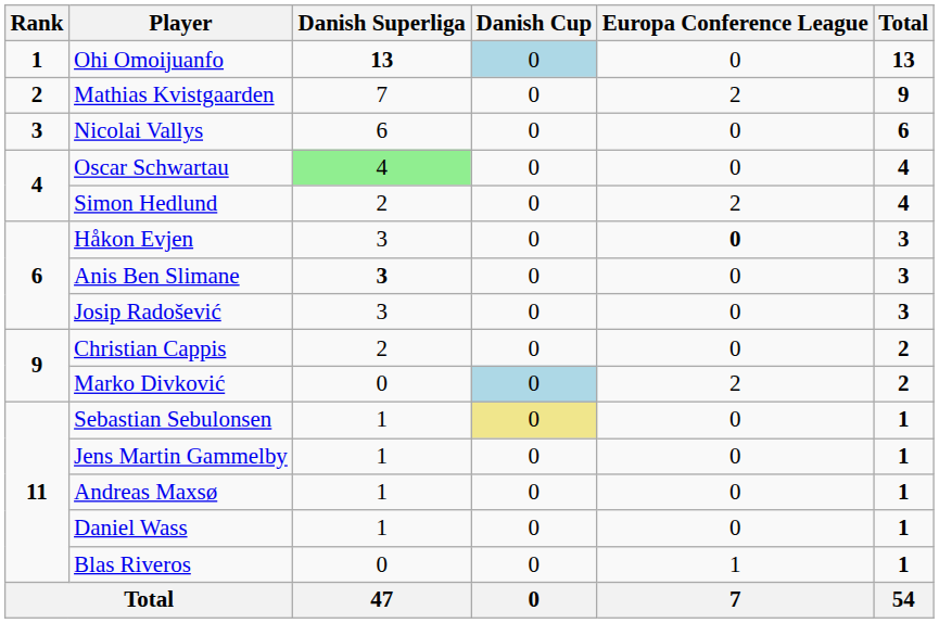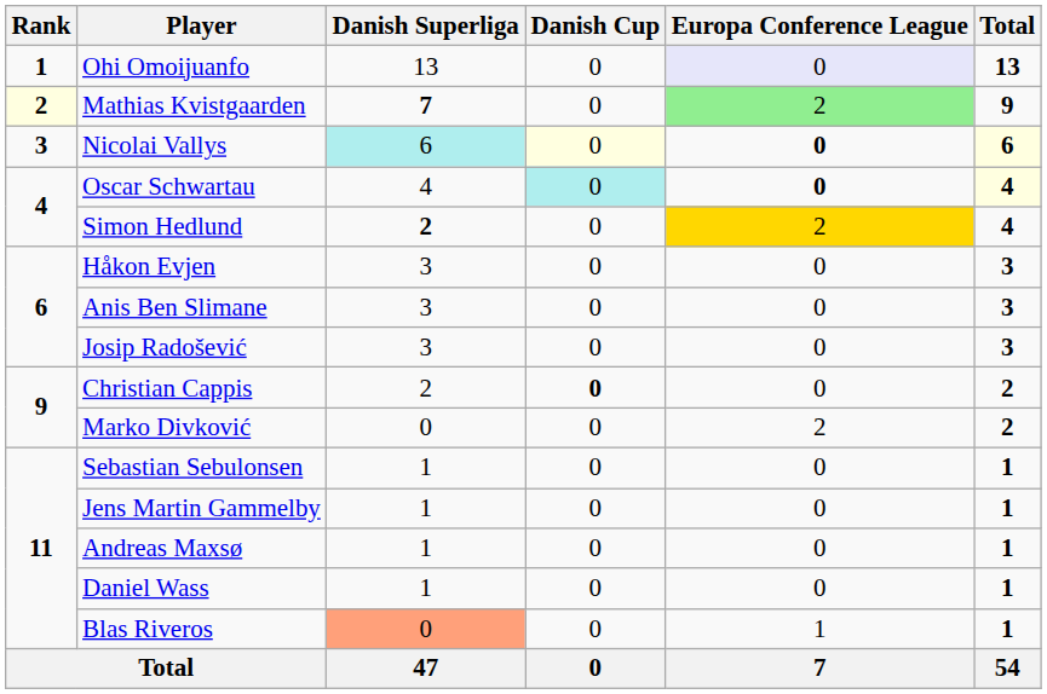 <table class="wikitable" style="text-align:center;">
 <tr>
 <th>Rank</th>
 <th>Player</th>
 <th>Danish Superliga</th>
 <th>Danish Cup</th>
 <th>Europa Conference League</th>
 <th>Total</th>
 </tr>
 <tr>
 <td><strong>1</strong></td>
 <td align=left> <a href='#'>Ohi Omoijuanfo</a></td>
-<td><strong>13</strong></td>
-<td style="background: lightblue;">0</td>
+<td>13</td>
 <td>0</td>
+<td style="background: lavender;">0</td>
 <td><strong>13</strong></td>
 </tr>
 <tr>
-<td><strong>2</strong></td>
+<td style="background: lightyellow;"><strong>2</strong></td>
 <td align=left> <a href='#'>Mathias Kvistgaarden</a></td>
-<td>7</td>
+<td><strong>7</strong></td>
 <td>0</td>
-<td>2</td>
+<td style="background: lightgreen;">2</td>
 <td><strong>9</strong></td>
 </tr>
 <tr>
 <td><strong>3</strong></td>
 <td align=left> <a href='#'>Nicolai Vallys</a></td>
-<td>6</td>
-<td>0</td>
-<td>0</td>
-<td><strong>6</strong></td>
+<td style="background: paleturquoise;">6</td>
+<td style="background: lightyellow;">0</td>
+<td><strong>0</strong></td>
+<td style="background: lightyellow;"><strong>6</strong></td>
 </tr>
 <tr>
 <td rowspan="2"><strong>4</strong></td>
 <td align=left> <a href='#'>Oscar Schwartau</a></td>
-<td style="background: lightgreen;">4</td>
-<td>0</td>
-<td>0</td>
-<td><strong>4</strong></td>
+<td>4</td>
+<td style="background: paleturquoise;">0</td>
+<td><strong>0</strong></td>
+<td style="background: lightyellow;"><strong>4</strong></td>
 </tr>
 <tr>
 <td align=left> <a href='#'>Simon Hedlund</a></td>
-<td>2</td>
+<td><strong>2</strong></td>
 <td>0</td>
-<td>2</td>
+<td style="background: gold;">2</td>
 <td><strong>4</strong></td>
 </tr>
 <tr>
 <td rowspan="3"><strong>6</strong></td>
 <td align=left> <a href='#'>Håkon Evjen</a></td>
 <td>3</td>
 <td>0</td>
-<td><strong>0</strong></td>
+<td>0</td>
 <td><strong>3</strong></td>
 </tr>
 <tr>
 <td align=left> <a href='#'>Anis Ben Slimane</a></td>
-<td><strong>3</strong></td>
+<td>3</td>
 <td>0</td>
 <td>0</td>
 <td><strong>3</strong></td>
 </tr>
 <tr>
 <td align=left> <a href='#'>Josip Radošević</a></td>
 <td>3</td>
 <td>0</td>
 <td>0</td>
 <td><strong>3</strong></td>
 </tr>
 <tr>
 <td rowspan="2"><strong>9</strong></td>
 <td align=left> <a href='#'>Christian Cappis</a></td>
 <td>2</td>
-<td>0</td>
+<td><strong>0</strong></td>
 <td>0</td>
 <td><strong>2</strong></td>
 </tr>
 <tr>
 <td align=left> <a href='#'>Marko Divković</a></td>
 <td>0</td>
-<td style="background: lightblue;">0</td>
+<td>0</td>
 <td>2</td>
 <td><strong>2</strong></td>
 </tr>
 <tr>
 <td rowspan="5"><strong>11</strong></td>
 <td align=left> <a href='#'>Sebastian Sebulonsen</a></td>
 <td>1</td>
-<td style="background: khaki;">0</td>
+<td>0</td>
 <td>0</td>
 <td><strong>1</strong></td>
 </tr>
 <tr>
 <td align=left> <a href='#'>Jens Martin Gammelby</a></td>
 <td>1</td>
 <td>0</td>
 <td>0</td>
 <td><strong>1</strong></td>
 </tr>
 <tr>
 <td align=left> <a href='#'>Andreas Maxsø</a></td>
 <td>1</td>
 <td>0</td>
 <td>0</td>
 <td><strong>1</strong></td>
 </tr>
 <tr>
 <td align=left> <a href='#'>Daniel Wass</a></td>
 <td>1</td>
 <td>0</td>
 <td>0</td>
 <td><strong>1</strong></td>
 </tr>
 <tr>
 <td align=left> <a href='#'>Blas Riveros</a></td>
-<td>0</td>
+<td style="background: lightsalmon;">0</td>
 <td>0</td>
 <td>1</td>
 <td><strong>1</strong></td>
 </tr>
 <tr>
 <th colspan=2>Total</th>
 <th>47</th>
 <th>0</th>
 <th>7</th>
 <th>54</th>
 </tr>
 </table>
